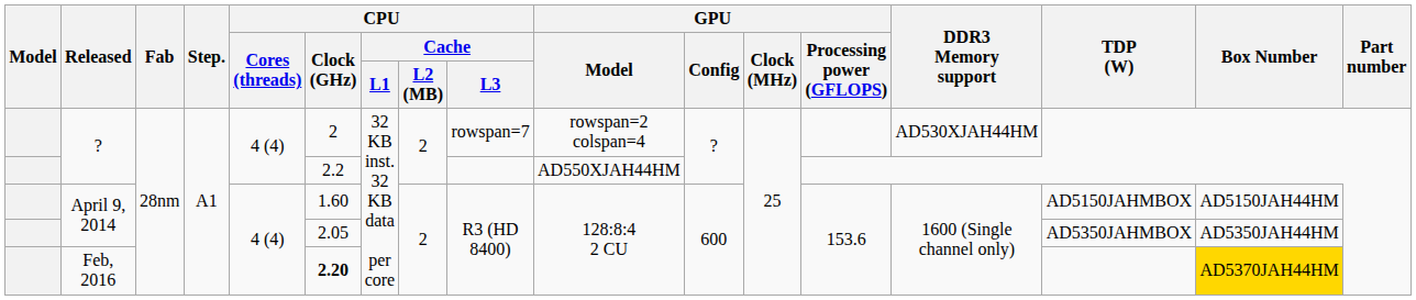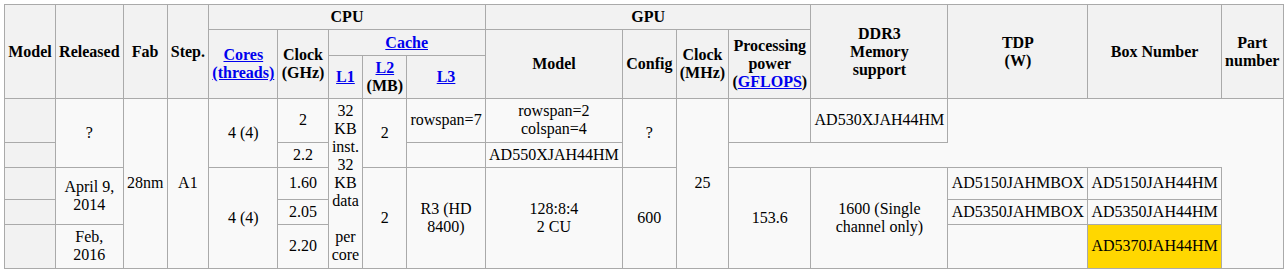 <table class="wikitable sortable" style="text-align:center;">
 <tr>
 <th rowspan=3>Model</th>
 <th rowspan=3>Released</th>
 <th rowspan=3>Fab</th>
 <th rowspan=3>Step.</th>
 <th colspan=5>CPU</th>
 <th colspan=4>GPU</th>
 <th rowspan=3>DDR3<br>Memory<br>support</th>
 <th rowspan=3>TDP<br>(W)</th>
 <th rowspan=3>Box Number</th>
 <th rowspan=3>Part number</th>
 </tr>
 <tr>
 <th rowspan=2><a href='#'>Cores</a><br><a href='#'>(threads)</a></th>
 <th rowspan=2>Clock<br>(GHz)</th>
 <th colspan=3><a href='#'>Cache</a></th>
 <th rowspan=2>Model</th>
 <th rowspan=2>Config</th>
 <th rowspan=2>Clock<br>(MHz)</th>
 <th rowspan=2>Processing<br>power<br>(<a href='#'>GFLOPS</a>)</th>
 </tr>
 <tr>
 <th><a href='#'>L1</a></th>
 <th><a href='#'>L2</a><br>(MB)</th>
 <th><a href='#'>L3</a></th>
 </tr>
 <tr>
 <th></th>
 <td rowspan=2>?</td>
 <td rowspan="5">28nm</td>
 <td rowspan="5">A1</td>
 <td rowspan=2>4 (4)</td>
 <td>2</td>
 <td rowspan="5">32 KB inst.<br>32 KB data<br><br>per core</td>
 <td rowspan=2>2</td>
 <td>rowspan=7 </td>
 <td>rowspan=2 colspan=4 </td>
 <td rowspan=2>?</td>
 <td rowspan="5">25</td>
 <td></td>
 <td>AD530XJAH44HM</td>
 </tr>
 <tr>
 <th></th>
 <td>2.2</td>
 <td></td>
 <td>AD550XJAH44HM</td>
 </tr>
 <tr>
 <th></th>
 <td rowspan="2">April 9, 2014</td>
 <td rowspan="3">4 (4)</td>
 <td>1.60</td>
 <td rowspan="3">2</td>
 <td rowspan="3">R3 (HD 8400)</td>
 <td rowspan="3">128:8:4<br>2 CU</td>
 <td rowspan="3">600</td>
 <td rowspan="3">153.6</td>
 <td rowspan="3">1600 (Single channel only)</td>
 <td>AD5150JAHMBOX</td>
 <td>AD5150JAH44HM</td>
 </tr>
 <tr>
 <th></th>
 <td>2.05</td>
 <td>AD5350JAHMBOX</td>
 <td>AD5350JAH44HM</td>
 </tr>
 <tr>
 <th></th>
 <td>Feb, 2016</td>
-<td><strong>2.20</strong></td>
+<td>2.20</td>
 <td></td>
 <td style="background: gold;">AD5370JAH44HM</td>
 </tr>
 </table>
